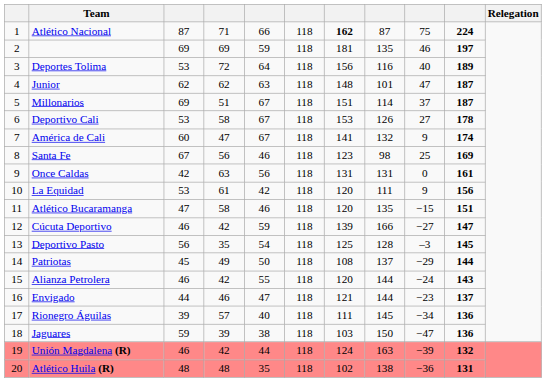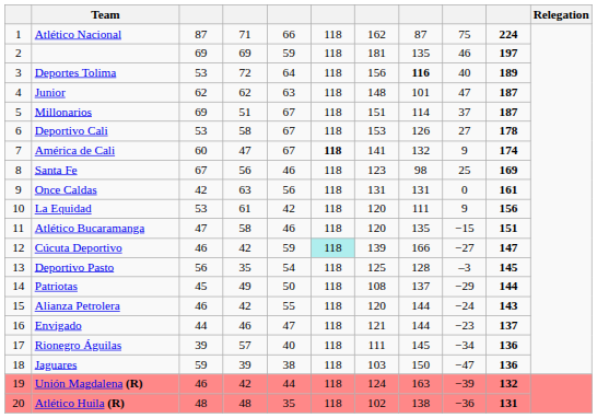 <table class="wikitable" style="text-align: center;">
 <tr>
 <th width=28><br></th>
 <th width=185>Team</th>
 <th width=50></th>
 <th width=50></th>
 <th width=50></th>
 <th width=50></th>
 <th width=50></th>
 <th width=50></th>
 <th width=50></th>
 <th width=50></th>
 <th>Relegation</th>
 </tr>
 <tr>
 <td>1</td>
 <td align="left"><a href='#'>Atlético Nacional</a></td>
 <td>87</td>
 <td>71</td>
 <td>66</td>
 <td>118</td>
-<td><strong>162</strong></td>
+<td>162</td>
 <td>87</td>
 <td>75</td>
 <td><strong>224</strong></td>
 </tr>
 <tr>
 <td>2</td>
 <td align="left"></td>
 <td>69</td>
 <td>69</td>
 <td>59</td>
 <td>118</td>
 <td>181</td>
 <td>135</td>
 <td>46</td>
 <td><strong>197</strong></td>
 </tr>
 <tr>
 <td>3</td>
 <td align="left"><a href='#'>Deportes Tolima</a></td>
 <td>53</td>
 <td>72</td>
 <td>64</td>
 <td>118</td>
 <td>156</td>
-<td>116</td>
+<td><strong>116</strong></td>
 <td>40</td>
 <td><strong>189</strong></td>
 </tr>
 <tr>
 <td>4</td>
 <td align="left"><a href='#'>Junior</a></td>
 <td>62</td>
 <td>62</td>
 <td>63</td>
 <td>118</td>
 <td>148</td>
 <td>101</td>
 <td>47</td>
 <td><strong>187</strong></td>
 </tr>
 <tr>
 <td>5</td>
 <td align="left"><a href='#'>Millonarios</a></td>
 <td>69</td>
 <td>51</td>
 <td>67</td>
 <td>118</td>
 <td>151</td>
 <td>114</td>
 <td>37</td>
 <td><strong>187</strong></td>
 </tr>
 <tr>
 <td>6</td>
 <td align="left"><a href='#'>Deportivo Cali</a></td>
 <td>53</td>
 <td>58</td>
 <td>67</td>
 <td>118</td>
 <td>153</td>
 <td>126</td>
 <td>27</td>
 <td><strong>178</strong></td>
 </tr>
 <tr>
 <td>7</td>
 <td align="left"><a href='#'>América de Cali</a></td>
 <td>60</td>
 <td>47</td>
 <td>67</td>
-<td>118</td>
+<td><strong>118</strong></td>
 <td>141</td>
 <td>132</td>
 <td>9</td>
 <td><strong>174</strong></td>
 </tr>
 <tr>
 <td>8</td>
 <td align="left"><a href='#'>Santa Fe</a></td>
 <td>67</td>
 <td>56</td>
 <td>46</td>
 <td>118</td>
 <td>123</td>
 <td>98</td>
 <td>25</td>
 <td><strong>169</strong></td>
 </tr>
 <tr>
 <td>9</td>
 <td align="left"><a href='#'>Once Caldas</a></td>
 <td>42</td>
 <td>63</td>
 <td>56</td>
 <td>118</td>
 <td>131</td>
 <td>131</td>
 <td>0</td>
 <td><strong>161</strong></td>
 </tr>
 <tr>
 <td>10</td>
 <td align="left"><a href='#'>La Equidad</a></td>
 <td>53</td>
 <td>61</td>
 <td>42</td>
 <td>118</td>
 <td>120</td>
 <td>111</td>
 <td>9</td>
 <td><strong>156</strong></td>
 </tr>
 <tr>
 <td>11</td>
 <td align="left"><a href='#'>Atlético Bucaramanga</a></td>
 <td>47</td>
 <td>58</td>
 <td>46</td>
 <td>118</td>
 <td>120</td>
 <td>135</td>
 <td>−15</td>
 <td><strong>151</strong></td>
 </tr>
 <tr>
 <td>12</td>
 <td align="left"><a href='#'>Cúcuta Deportivo</a></td>
 <td>46</td>
 <td>42</td>
 <td>59</td>
-<td>118</td>
+<td style="background: paleturquoise;">118</td>
 <td>139</td>
 <td>166</td>
 <td>−27</td>
 <td><strong>147</strong></td>
 </tr>
 <tr>
 <td>13</td>
 <td align="left"><a href='#'>Deportivo Pasto</a></td>
 <td>56</td>
 <td>35</td>
 <td>54</td>
 <td>118</td>
 <td>125</td>
 <td>128</td>
 <td>–3</td>
 <td><strong>145</strong></td>
 </tr>
 <tr>
 <td>14</td>
 <td align="left"><a href='#'>Patriotas</a></td>
 <td>45</td>
 <td>49</td>
 <td>50</td>
 <td>118</td>
 <td>108</td>
 <td>137</td>
 <td>−29</td>
 <td><strong>144</strong></td>
 </tr>
 <tr>
 <td>15</td>
 <td align="left"><a href='#'>Alianza Petrolera</a></td>
 <td>46</td>
 <td>42</td>
 <td>55</td>
 <td>118</td>
 <td>120</td>
 <td>144</td>
 <td>−24</td>
 <td><strong>143</strong></td>
 </tr>
 <tr>
 <td>16</td>
 <td align="left"><a href='#'>Envigado</a></td>
 <td>44</td>
 <td>46</td>
 <td>47</td>
 <td>118</td>
 <td>121</td>
 <td>144</td>
 <td>−23</td>
 <td><strong>137</strong></td>
 </tr>
 <tr>
 <td>17</td>
 <td align="left"><a href='#'>Rionegro Águilas</a></td>
 <td>39</td>
 <td>57</td>
 <td>40</td>
 <td>118</td>
 <td>111</td>
 <td>145</td>
 <td>−34</td>
 <td><strong>136</strong></td>
 </tr>
 <tr>
 <td>18</td>
 <td align="left"><a href='#'>Jaguares</a></td>
 <td>59</td>
 <td>39</td>
 <td>38</td>
 <td>118</td>
 <td>103</td>
 <td>150</td>
 <td>−47</td>
 <td><strong>136</strong></td>
 </tr>
 <tr bgcolor=#FF8888>
 <td>19</td>
 <td align="left"><a href='#'>Unión Magdalena</a> <strong>(R)</strong></td>
 <td>46</td>
 <td>42</td>
 <td>44</td>
 <td>118</td>
 <td>124</td>
 <td>163</td>
 <td>−39</td>
 <td><strong>132</strong></td>
 <td rowspan=2></td>
 </tr>
 <tr bgcolor=#FF8888>
 <td>20</td>
 <td align="left"><a href='#'>Atlético Huila</a> <strong>(R)</strong></td>
 <td>48</td>
 <td>48</td>
 <td>35</td>
 <td>118</td>
 <td>102</td>
 <td>138</td>
 <td>−36</td>
 <td><strong>131</strong></td>
 </tr>
 </table>
